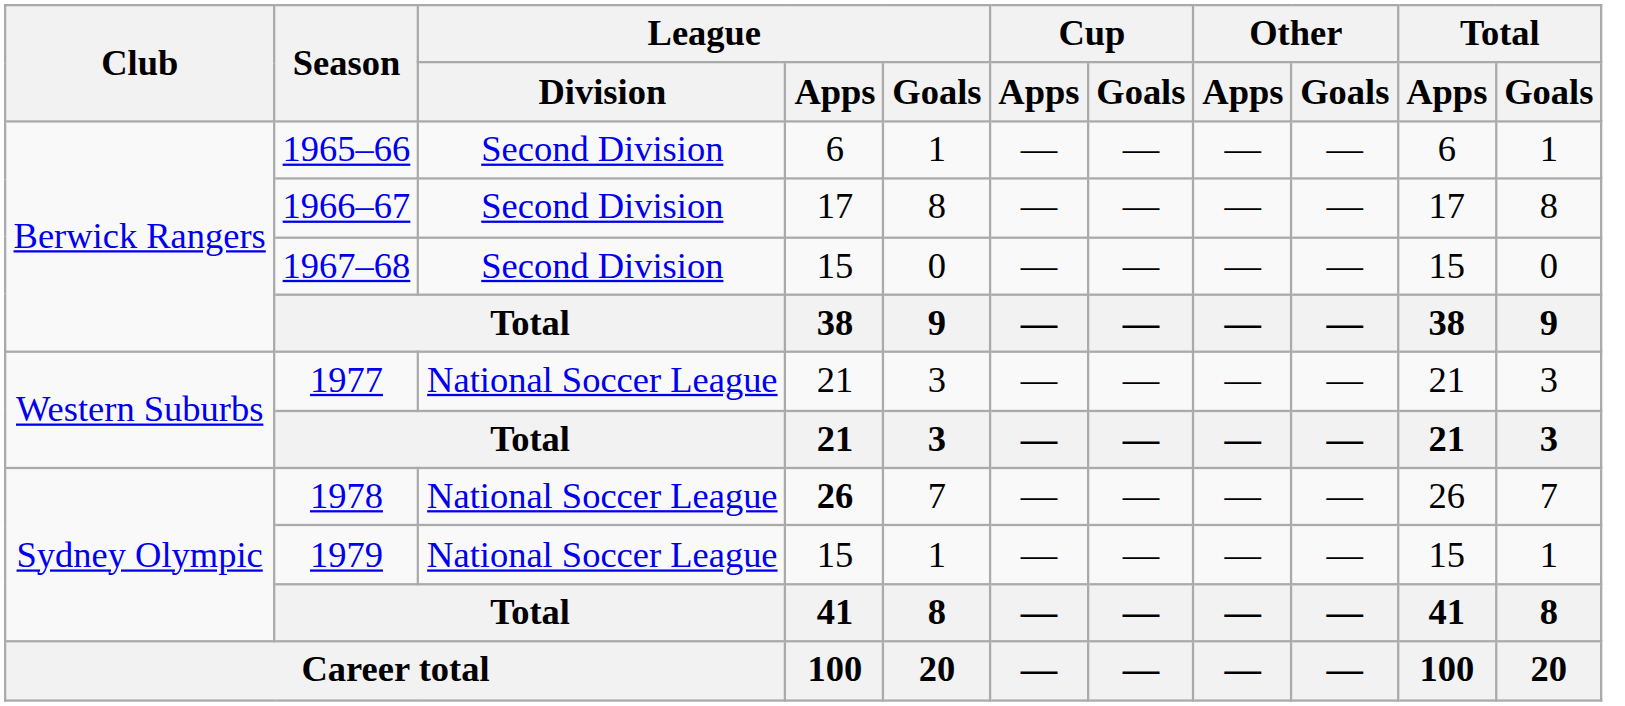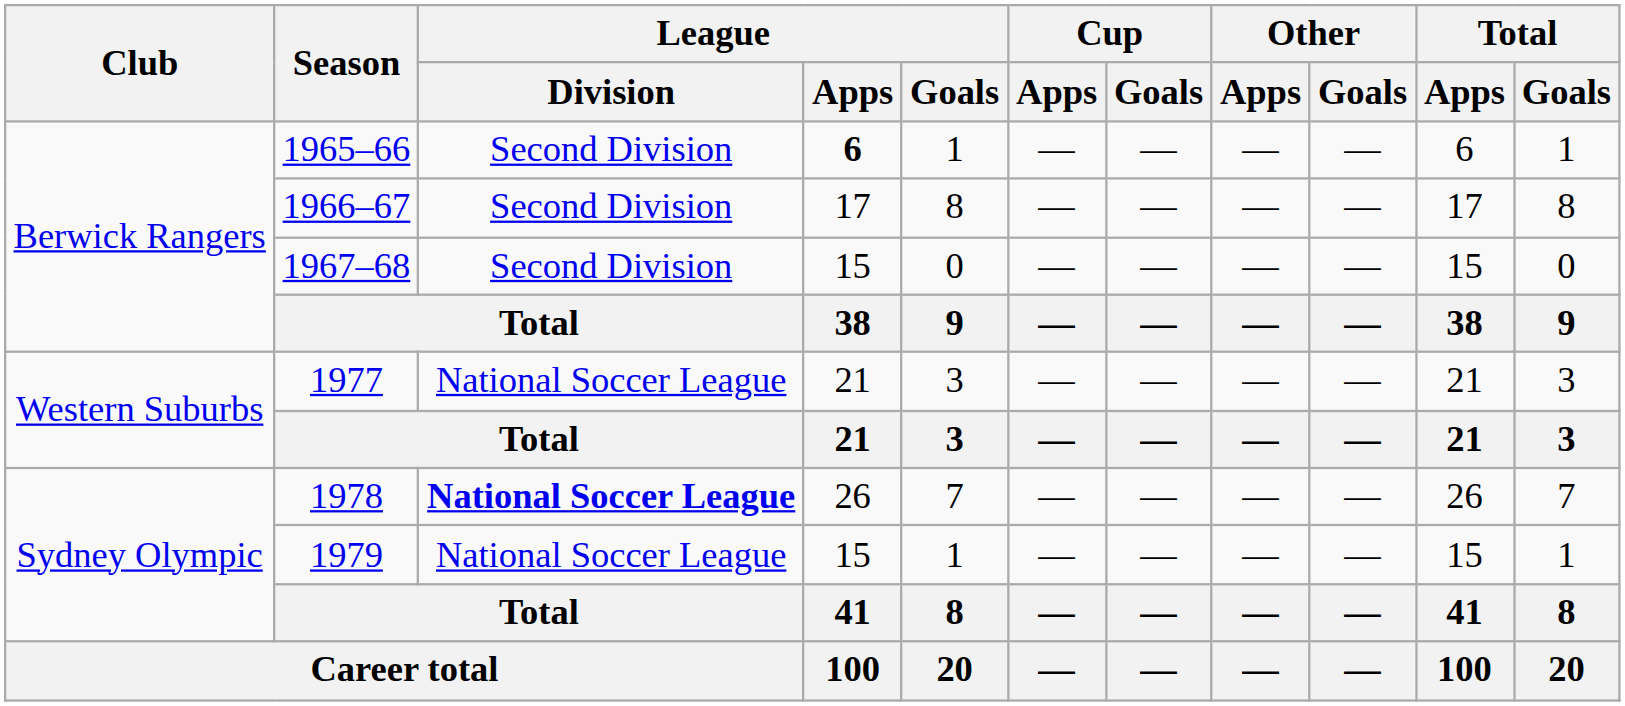 <table class="wikitable" style="text-align:center">
 <tr>
 <th rowspan=2>Club</th>
 <th rowspan=2>Season</th>
 <th colspan=3>League</th>
 <th colspan=2>Cup</th>
 <th colspan=2>Other</th>
 <th colspan=2>Total</th>
 </tr>
 <tr>
 <th>Division</th>
 <th>Apps</th>
 <th>Goals</th>
 <th>Apps</th>
 <th>Goals</th>
 <th>Apps</th>
 <th>Goals</th>
 <th>Apps</th>
 <th>Goals</th>
 </tr>
 <tr>
 <td rowspan="4"><a href='#'>Berwick Rangers</a></td>
 <td><a href='#'>1965–66</a></td>
 <td><a href='#'>Second Division</a></td>
-<td>6</td>
+<td><strong>6</strong></td>
 <td>1</td>
 <td>—</td>
 <td>—</td>
 <td>—</td>
 <td>—</td>
 <td>6</td>
 <td>1</td>
 </tr>
 <tr>
 <td><a href='#'>1966–67</a></td>
 <td><a href='#'>Second Division</a></td>
 <td>17</td>
 <td>8</td>
 <td>—</td>
 <td>—</td>
 <td>—</td>
 <td>—</td>
 <td>17</td>
 <td>8</td>
 </tr>
 <tr>
 <td><a href='#'>1967–68</a></td>
 <td><a href='#'>Second Division</a></td>
 <td>15</td>
 <td>0</td>
 <td>—</td>
 <td>—</td>
 <td>—</td>
 <td>—</td>
 <td>15</td>
 <td>0</td>
 </tr>
 <tr>
 <th colspan=2>Total</th>
 <th>38</th>
 <th>9</th>
 <th>—</th>
 <th>—</th>
 <th>—</th>
 <th>—</th>
 <th>38</th>
 <th>9</th>
 </tr>
 <tr>
 <td rowspan="2"><a href='#'>Western Suburbs</a></td>
 <td><a href='#'>1977</a></td>
 <td><a href='#'>National Soccer League</a></td>
 <td>21</td>
 <td>3</td>
 <td>—</td>
 <td>—</td>
 <td>—</td>
 <td>—</td>
 <td>21</td>
 <td>3</td>
 </tr>
 <tr>
 <th colspan=2>Total</th>
 <th>21</th>
 <th>3</th>
 <th>—</th>
 <th>—</th>
 <th>—</th>
 <th>—</th>
 <th>21</th>
 <th>3</th>
 </tr>
 <tr>
 <td rowspan="3"><a href='#'>Sydney Olympic</a></td>
 <td><a href='#'>1978</a></td>
-<td><a href='#'>National Soccer League</a></td>
-<td><strong>26</strong></td>
+<td><strong><a href='#'>National Soccer League</a></strong></td>
+<td>26</td>
 <td>7</td>
 <td>—</td>
 <td>—</td>
 <td>—</td>
 <td>—</td>
 <td>26</td>
 <td>7</td>
 </tr>
 <tr>
 <td><a href='#'>1979</a></td>
 <td><a href='#'>National Soccer League</a></td>
 <td>15</td>
 <td>1</td>
 <td>—</td>
 <td>—</td>
 <td>—</td>
 <td>—</td>
 <td>15</td>
 <td>1</td>
 </tr>
 <tr>
 <th colspan=2>Total</th>
 <th>41</th>
 <th>8</th>
 <th>—</th>
 <th>—</th>
 <th>—</th>
 <th>—</th>
 <th>41</th>
 <th>8</th>
 </tr>
 <tr>
 <th colspan="3">Career total</th>
 <th>100</th>
 <th>20</th>
 <th>—</th>
 <th>—</th>
 <th>—</th>
 <th>—</th>
 <th>100</th>
 <th>20</th>
 </tr>
 </table>
